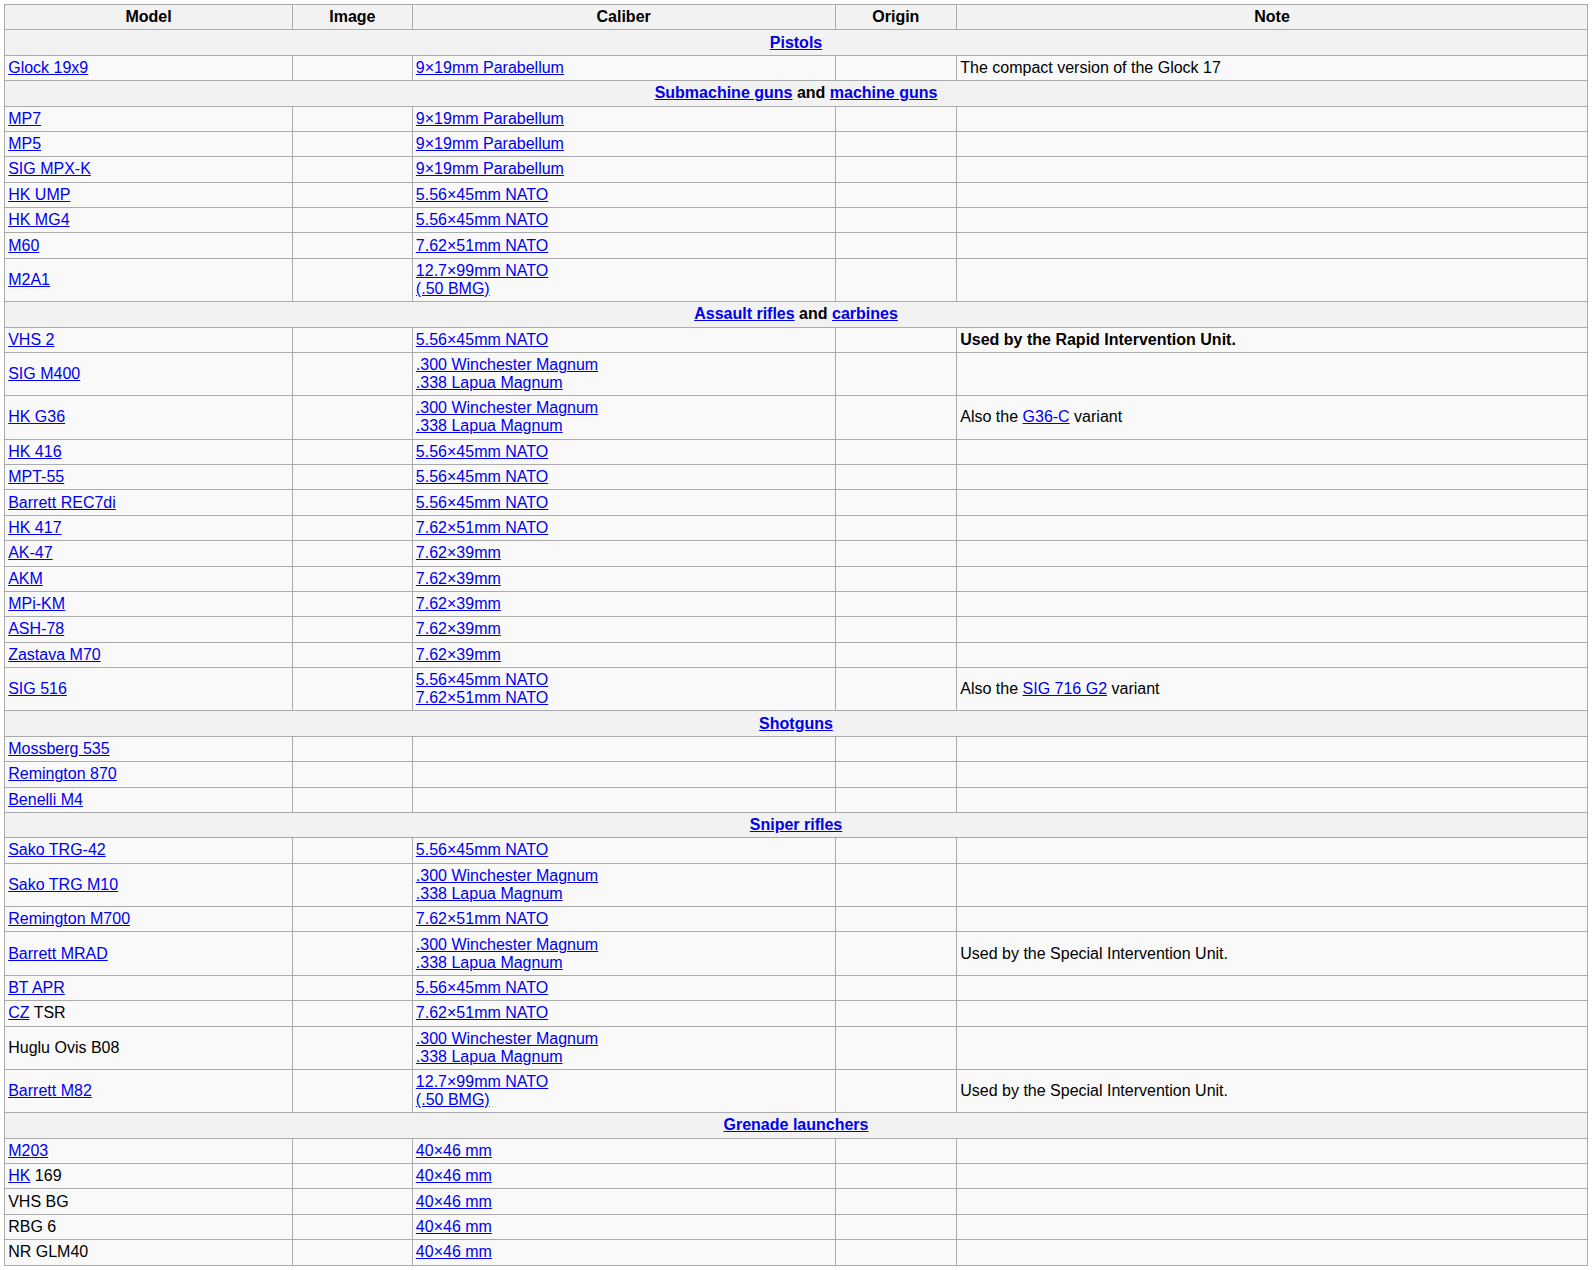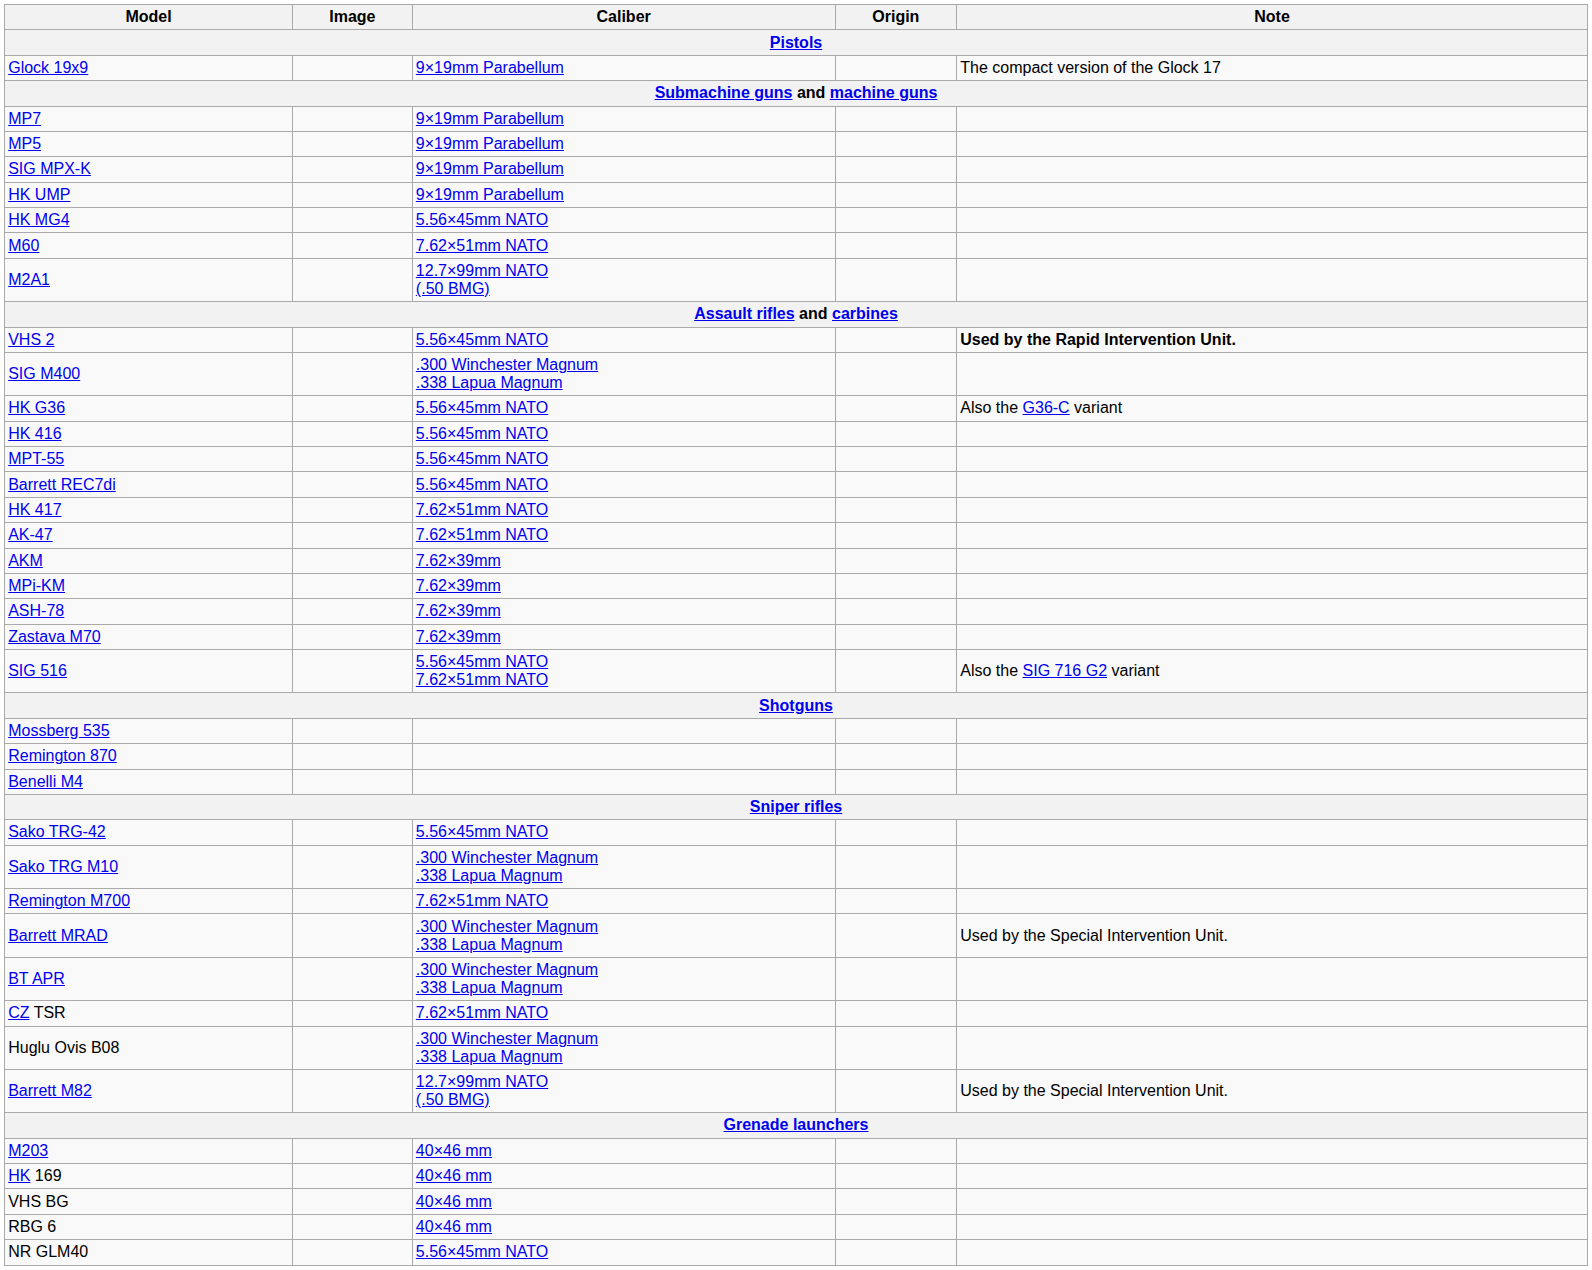 <table class="wikitable" style="width:100%;">
 <tr>
 <th>Model</th>
 <th>Image</th>
 <th>Caliber</th>
 <th>Origin</th>
 <th>Note</th>
 </tr>
 <tr>
 <th colspan="5" style="align: center;"><a href='#'>Pistols</a></th>
 </tr>
 <tr>
 <td><a href='#'>Glock 19x9</a></td>
 <td></td>
 <td><a href='#'>9×19mm Parabellum</a></td>
 <td></td>
 <td>The compact version of the Glock 17</td>
 </tr>
 <tr>
 <th colspan="5" style="align: center;"><a href='#'>Submachine guns</a> and <a href='#'>machine guns</a></th>
 </tr>
 <tr>
 <td><a href='#'>MP7</a></td>
 <td></td>
 <td><a href='#'>9×19mm Parabellum</a></td>
 <td></td>
 <td></td>
 </tr>
 <tr>
 <td><a href='#'>MP5</a></td>
 <td></td>
 <td><a href='#'>9×19mm Parabellum</a></td>
 <td></td>
 <td></td>
 </tr>
 <tr>
 <td><a href='#'>SIG MPX-K</a></td>
 <td></td>
 <td><a href='#'>9×19mm Parabellum</a></td>
 <td></td>
 <td></td>
 </tr>
 <tr>
 <td><a href='#'>HK UMP</a></td>
 <td></td>
-<td><a href='#'>5.56×45mm NATO</a></td>
+<td><a href='#'>9×19mm Parabellum</a></td>
 <td></td>
 <td></td>
 </tr>
 <tr>
 <td><a href='#'>HK MG4</a></td>
 <td></td>
 <td><a href='#'>5.56×45mm NATO</a></td>
 <td></td>
 <td></td>
 </tr>
 <tr>
 <td><a href='#'>M60</a></td>
 <td></td>
 <td><a href='#'>7.62×51mm NATO</a></td>
 <td></td>
 <td></td>
 </tr>
 <tr>
 <td><a href='#'>M2A1</a></td>
 <td></td>
 <td><a href='#'>12.7×99mm NATO<br>(.50 BMG)</a></td>
 <td></td>
 <td></td>
 </tr>
 <tr>
 <th colspan="5" style="align: center;"><a href='#'>Assault rifles</a> and <a href='#'>carbines</a></th>
 </tr>
 <tr>
 <td><a href='#'>VHS 2</a></td>
 <td></td>
 <td><a href='#'>5.56×45mm NATO</a></td>
 <td></td>
 <td><strong>Used by the Rapid Intervention Unit.</strong></td>
 </tr>
 <tr>
 <td><a href='#'>SIG M400</a></td>
 <td></td>
 <td><a href='#'>.300 Winchester Magnum</a><br><a href='#'>.338 Lapua Magnum</a></td>
 <td></td>
 <td></td>
 </tr>
 <tr>
 <td><a href='#'>HK G36</a></td>
 <td></td>
-<td><a href='#'>.300 Winchester Magnum</a><br><a href='#'>.338 Lapua Magnum</a></td>
+<td><a href='#'>5.56×45mm NATO</a></td>
 <td></td>
 <td>Also the <a href='#'>G36-C</a> variant</td>
 </tr>
 <tr>
 <td><a href='#'>HK 416</a></td>
 <td></td>
 <td><a href='#'>5.56×45mm NATO</a></td>
 <td></td>
 <td></td>
 </tr>
 <tr>
 <td><a href='#'>MPT-55</a></td>
 <td></td>
 <td><a href='#'>5.56×45mm NATO</a></td>
 <td></td>
 <td></td>
 </tr>
 <tr>
 <td><a href='#'>Barrett REC7di</a></td>
 <td></td>
 <td><a href='#'>5.56×45mm NATO</a></td>
 <td></td>
 <td></td>
 </tr>
 <tr>
 <td><a href='#'>HK 417</a></td>
 <td></td>
 <td><a href='#'>7.62×51mm NATO</a></td>
 <td></td>
 <td></td>
 </tr>
 <tr>
 <td><a href='#'>AK-47</a></td>
 <td></td>
-<td><a href='#'>7.62×39mm</a></td>
+<td><a href='#'>7.62×51mm NATO</a></td>
 <td></td>
 <td></td>
 </tr>
 <tr>
 <td><a href='#'>AKM</a></td>
 <td></td>
 <td><a href='#'>7.62×39mm</a></td>
 <td></td>
 <td></td>
 </tr>
 <tr>
 <td><a href='#'>MPi-KM</a></td>
 <td></td>
 <td><a href='#'>7.62×39mm</a></td>
 <td></td>
 <td></td>
 </tr>
 <tr>
 <td><a href='#'>ASH-78</a></td>
 <td></td>
 <td><a href='#'>7.62×39mm</a></td>
 <td></td>
 <td></td>
 </tr>
 <tr>
 <td><a href='#'>Zastava M70</a></td>
 <td></td>
 <td><a href='#'>7.62×39mm</a></td>
 <td></td>
 <td></td>
 </tr>
 <tr>
 <td><a href='#'>SIG 516</a></td>
 <td></td>
 <td><a href='#'>5.56×45mm NATO</a><br><a href='#'>7.62×51mm NATO</a></td>
 <td></td>
 <td>Also the <a href='#'>SIG 716 G2</a> variant</td>
 </tr>
 <tr>
 <th colspan="5" style="align: center;"><a href='#'>Shotguns</a></th>
 </tr>
 <tr>
 <td><a href='#'>Mossberg 535</a></td>
 <td></td>
 <td></td>
 <td></td>
 <td></td>
 </tr>
 <tr>
 <td><a href='#'>Remington 870</a></td>
 <td></td>
 <td></td>
 <td></td>
 <td></td>
 </tr>
 <tr>
 <td><a href='#'>Benelli M4</a></td>
 <td></td>
 <td></td>
 <td></td>
 <td></td>
 </tr>
 <tr>
 <th colspan="5" style="align: center;"><a href='#'>Sniper rifles</a></th>
 </tr>
 <tr>
 <td><a href='#'>Sako TRG-42</a></td>
 <td></td>
 <td><a href='#'>5.56×45mm NATO</a></td>
 <td></td>
 <td></td>
 </tr>
 <tr>
 <td><a href='#'>Sako TRG M10</a></td>
 <td></td>
 <td><a href='#'>.300 Winchester Magnum</a><br><a href='#'>.338 Lapua Magnum</a></td>
 <td></td>
 <td></td>
 </tr>
 <tr>
 <td><a href='#'>Remington M700</a></td>
 <td></td>
 <td><a href='#'>7.62×51mm NATO</a></td>
 <td></td>
 <td></td>
 </tr>
 <tr>
 <td><a href='#'>Barrett MRAD</a></td>
 <td></td>
 <td><a href='#'>.300 Winchester Magnum</a><br><a href='#'>.338 Lapua Magnum</a></td>
 <td></td>
 <td>Used by the Special Intervention Unit.</td>
 </tr>
 <tr>
 <td><a href='#'>BT APR</a></td>
 <td></td>
-<td><a href='#'>5.56×45mm NATO</a></td>
+<td><a href='#'>.300 Winchester Magnum</a><br><a href='#'>.338 Lapua Magnum</a></td>
 <td></td>
 <td></td>
 </tr>
 <tr>
 <td><a href='#'>CZ</a> TSR</td>
 <td></td>
 <td><a href='#'>7.62×51mm NATO</a></td>
 <td></td>
 <td></td>
 </tr>
 <tr>
 <td>Huglu Ovis B08</td>
 <td></td>
 <td><a href='#'>.300 Winchester Magnum</a><br><a href='#'>.338 Lapua Magnum</a></td>
 <td></td>
 <td></td>
 </tr>
 <tr>
 <td><a href='#'>Barrett M82</a></td>
 <td></td>
 <td><a href='#'>12.7×99mm NATO<br>(.50 BMG)</a></td>
 <td></td>
 <td>Used by the Special Intervention Unit.</td>
 </tr>
 <tr>
 <th colspan="5" style="align: center;"><a href='#'>Grenade launchers</a></th>
 </tr>
 <tr>
 <td><a href='#'>M203</a></td>
 <td></td>
 <td><a href='#'>40×46 mm</a></td>
 <td></td>
 <td></td>
 </tr>
 <tr>
 <td><a href='#'>HK</a> 169</td>
 <td></td>
 <td><a href='#'>40×46 mm</a></td>
 <td></td>
 <td></td>
 </tr>
 <tr>
 <td>VHS BG</td>
 <td></td>
 <td><a href='#'>40×46 mm</a></td>
 <td></td>
 <td></td>
 </tr>
 <tr>
 <td>RBG 6</td>
 <td></td>
 <td><a href='#'>40×46 mm</a></td>
 <td></td>
 <td></td>
 </tr>
 <tr>
 <td>NR GLM40</td>
 <td></td>
-<td><a href='#'>40×46 mm</a></td>
+<td><a href='#'>5.56×45mm NATO</a></td>
 <td></td>
 <td></td>
 </tr>
 </table>
